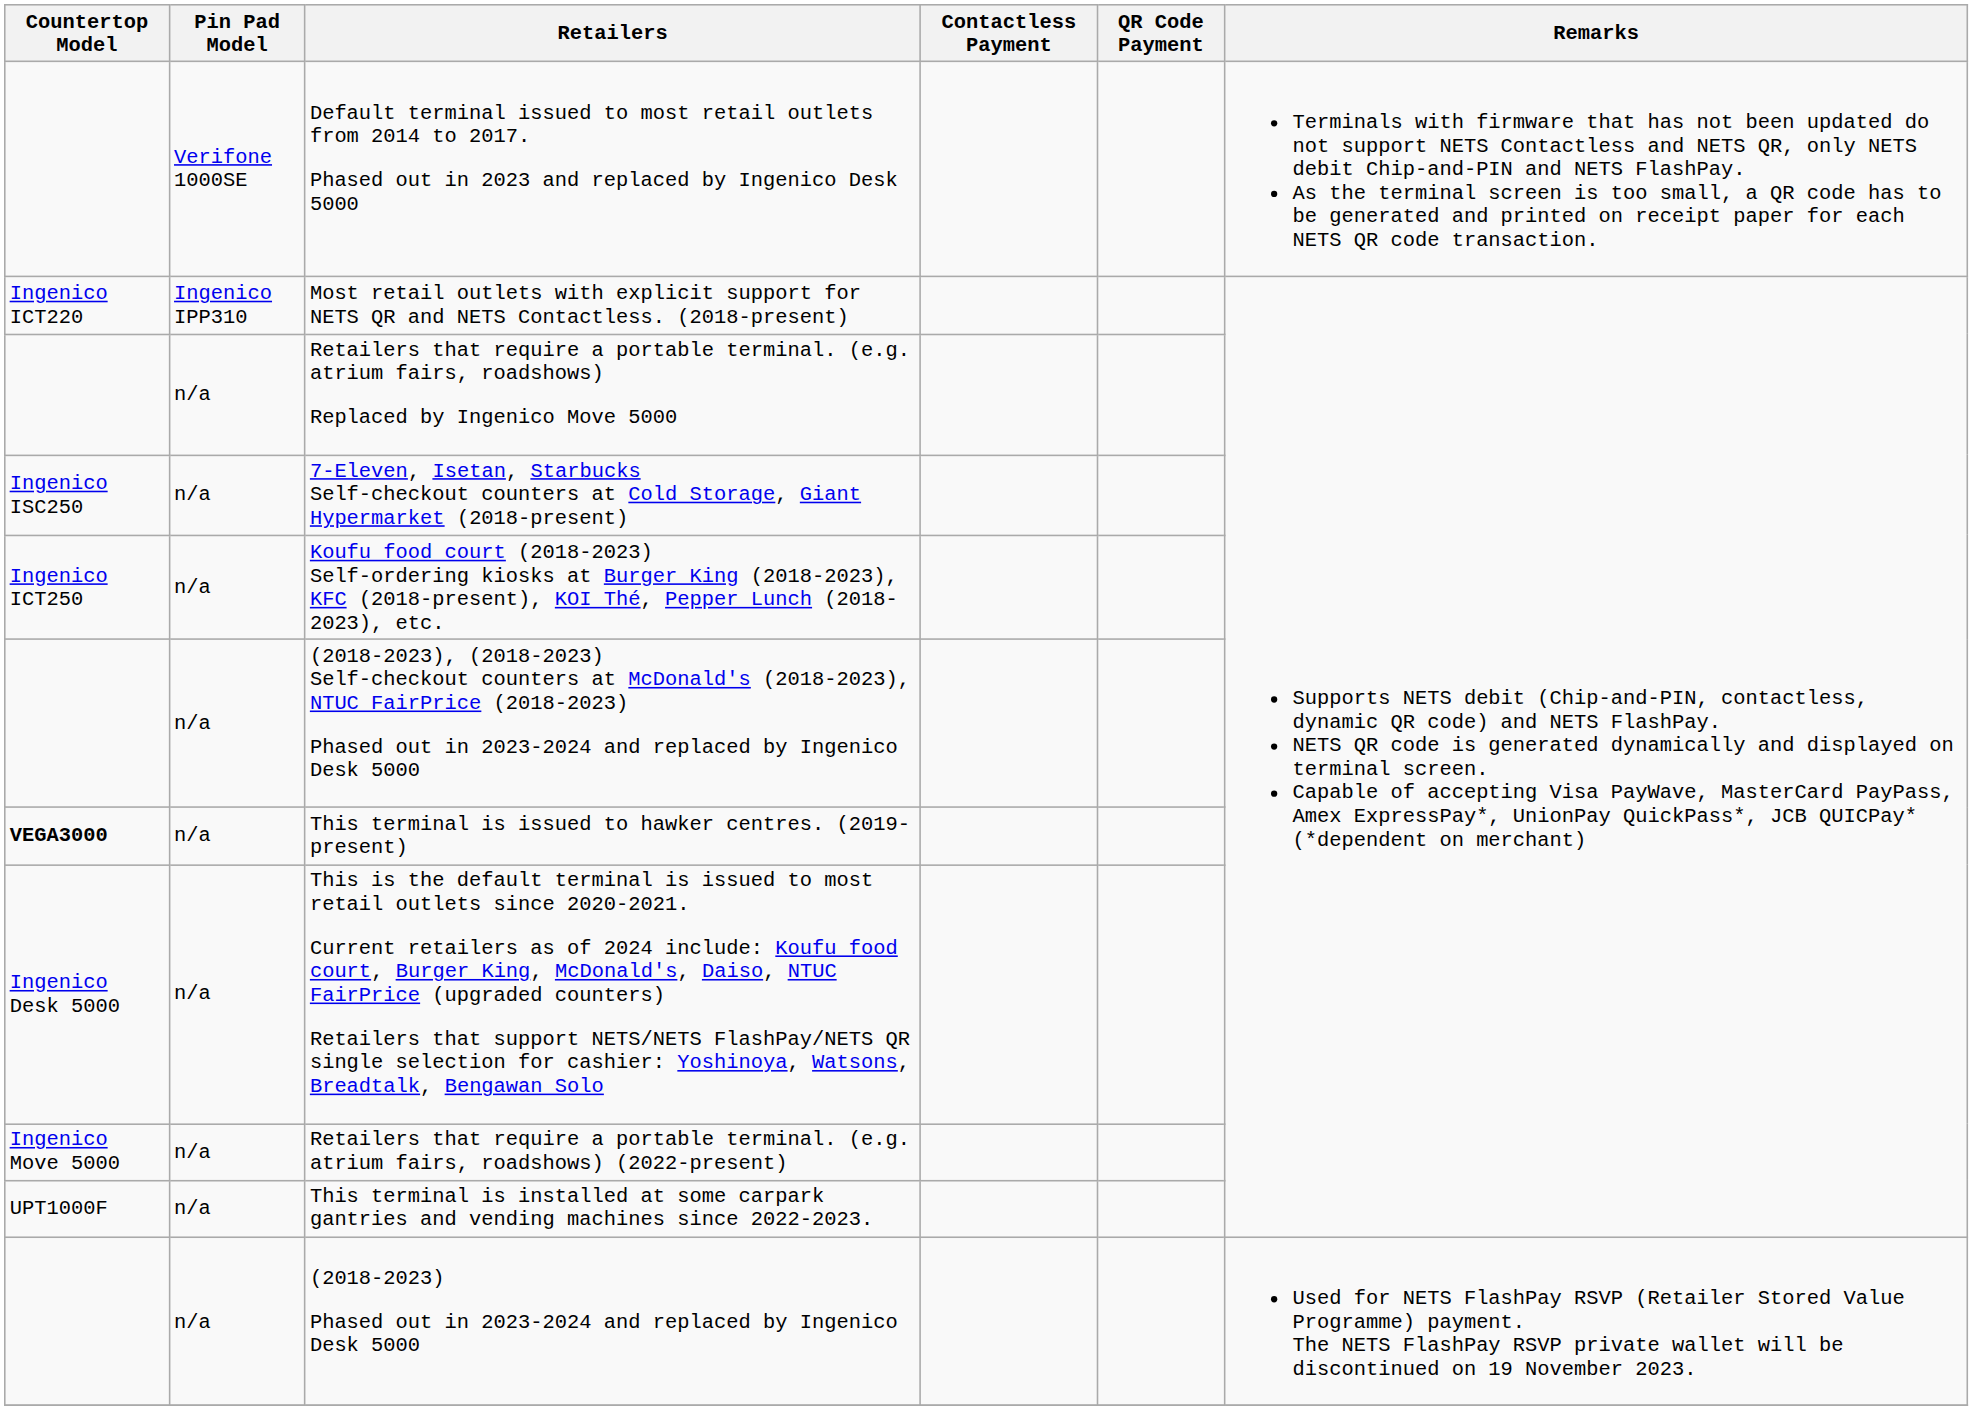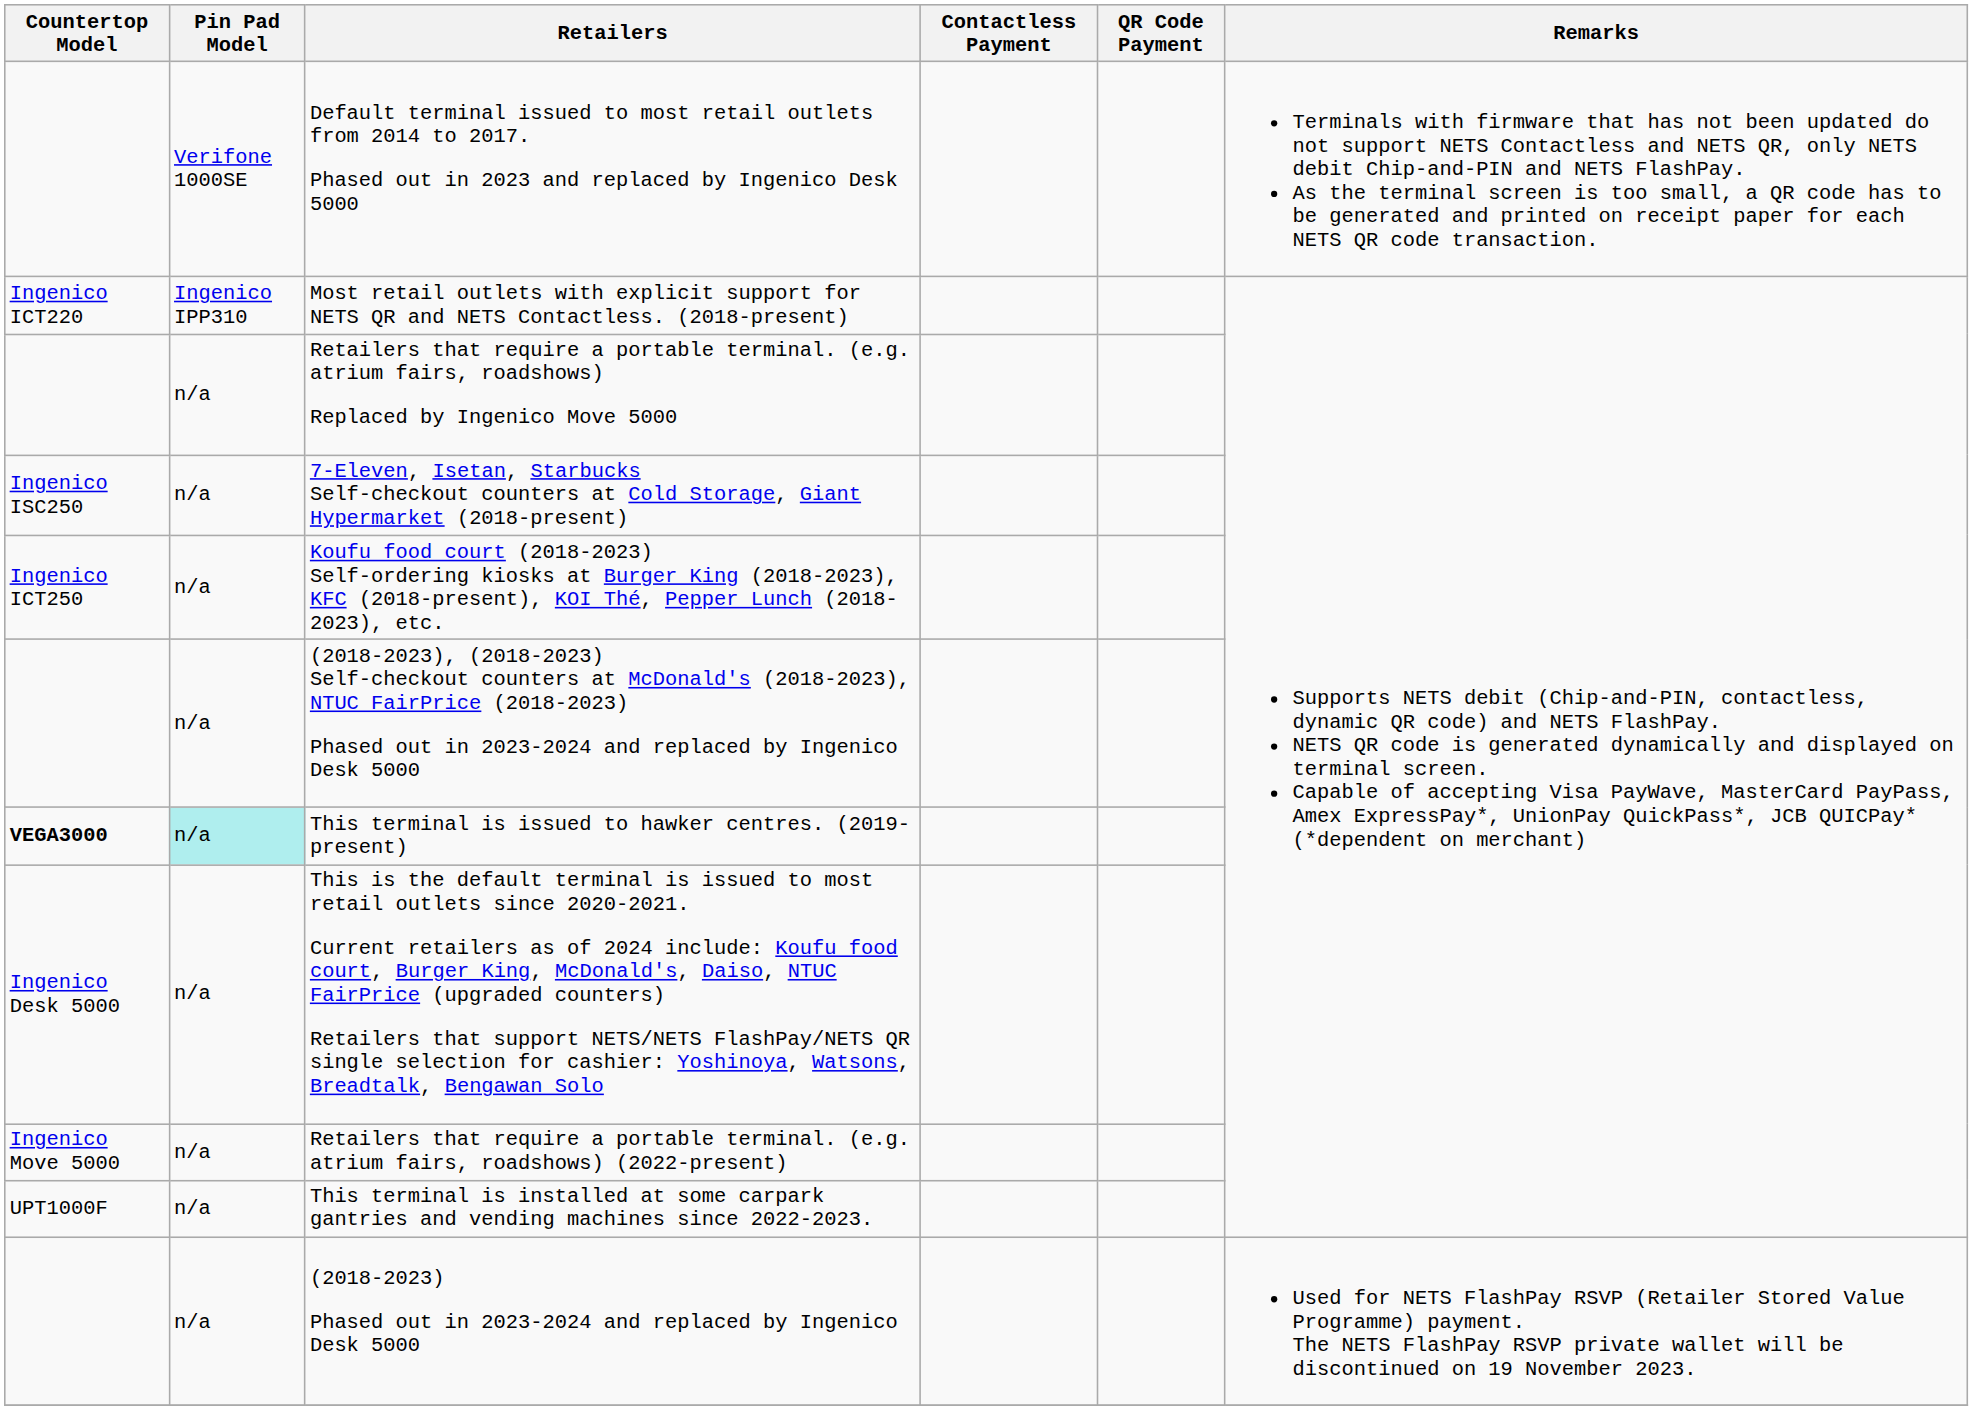 <table class="wikitable">
 <tr>
 <th>Countertop Model</th>
 <th>Pin Pad Model</th>
 <th>Retailers</th>
 <th>Contactless Payment</th>
 <th>QR Code Payment</th>
 <th>Remarks</th>
 </tr>
 <tr>
 <td></td>
 <td><a href='#'>Verifone</a> 1000SE</td>
 <td>Default terminal issued to most retail outlets from 2014 to 2017. <p> Phased out in 2023 and replaced by Ingenico Desk 5000</p></td>
 <td></td>
 <td></td>
 <td><br><ul><li>Terminals with firmware that has not been updated do not support NETS Contactless and NETS QR, only NETS debit Chip-and-PIN and NETS FlashPay.</li><li>As the terminal screen is too small, a QR code has to be generated and printed on receipt paper for each NETS QR code transaction.</li></ul></td>
 </tr>
 <tr>
 <td><a href='#'>Ingenico</a> ICT220</td>
 <td><a href='#'>Ingenico</a> IPP310</td>
 <td>Most retail outlets with explicit support for NETS QR and NETS Contactless. (2018-present)</td>
 <td></td>
 <td></td>
 <td rowspan="9"><br><ul><li>Supports NETS debit (Chip-and-PIN, contactless, dynamic QR code) and NETS FlashPay.</li><li>NETS QR code is generated dynamically and displayed on terminal screen.</li><li>Capable of accepting Visa PayWave, MasterCard PayPass, Amex ExpressPay*, UnionPay QuickPass*, JCB QUICPay* (*dependent on merchant)</li></ul></td>
 </tr>
 <tr>
 <td></td>
 <td>n/a</td>
 <td>Retailers that require a portable terminal. (e.g. atrium fairs, roadshows) <p> Replaced by Ingenico Move 5000</p></td>
 <td></td>
 <td></td>
 </tr>
 <tr>
 <td><a href='#'>Ingenico</a> ISC250</td>
 <td>n/a</td>
 <td><a href='#'>7-Eleven</a>, <a href='#'>Isetan</a>, <a href='#'>Starbucks</a> <br>Self-checkout counters at <a href='#'>Cold Storage</a>, <a href='#'>Giant Hypermarket</a> (2018-present)</td>
 <td></td>
 <td></td>
 </tr>
 <tr>
 <td><a href='#'>Ingenico</a> ICT250</td>
 <td>n/a</td>
 <td><a href='#'>Koufu food court</a> (2018-2023) <br> Self-ordering kiosks at <a href='#'>Burger King</a> (2018-2023), <a href='#'>KFC</a> (2018-present), <a href='#'>KOI Thé</a>, <a href='#'>Pepper Lunch</a> (2018-2023), etc.</td>
 <td></td>
 <td></td>
 </tr>
 <tr>
 <td></td>
 <td>n/a</td>
 <td> (2018-2023),  (2018-2023) <br> Self-checkout counters at <a href='#'>McDonald's</a> (2018-2023), <a href='#'>NTUC FairPrice</a> (2018-2023) <p> Phased out in 2023-2024 and replaced by Ingenico Desk 5000</p></td>
 <td></td>
 <td></td>
 </tr>
 <tr>
 <td><strong> VEGA3000</strong></td>
-<td>n/a</td>
+<td style="background: paleturquoise;">n/a</td>
 <td>This terminal is issued to hawker centres. (2019-present)</td>
 <td></td>
 <td></td>
 </tr>
 <tr>
 <td><a href='#'>Ingenico</a> Desk 5000</td>
 <td>n/a</td>
 <td>This is the default terminal is issued to most retail outlets since 2020-2021. <p> Current retailers as of 2024 include: <a href='#'>Koufu food court</a>, <a href='#'>Burger King</a>, <a href='#'>McDonald's</a>, <a href='#'>Daiso</a>, <a href='#'>NTUC FairPrice</a> (upgraded counters)</p> <p> Retailers that support NETS/NETS FlashPay/NETS QR single selection for cashier: <a href='#'>Yoshinoya</a>, <a href='#'>Watsons</a>, <a href='#'>Breadtalk</a>, <a href='#'>Bengawan Solo</a></p></td>
 <td></td>
 <td></td>
 </tr>
 <tr>
 <td><a href='#'>Ingenico</a> Move 5000</td>
 <td>n/a</td>
 <td>Retailers that require a portable terminal. (e.g. atrium fairs, roadshows) (2022-present)</td>
 <td></td>
 <td></td>
 </tr>
 <tr>
 <td> UPT1000F</td>
 <td>n/a</td>
 <td>This terminal is installed at some carpark gantries and vending machines since 2022-2023.</td>
 <td></td>
 <td></td>
 </tr>
 <tr>
 <td></td>
 <td>n/a</td>
 <td> (2018-2023) <p> Phased out in 2023-2024 and replaced by Ingenico Desk 5000</p></td>
 <td></td>
 <td></td>
 <td><br><ul><li>Used for NETS FlashPay RSVP (Retailer Stored Value Programme) payment. <br> The NETS FlashPay RSVP private wallet will be discontinued on 19 November 2023.</li></ul></td>
 </tr>
 <tr>
 </tr>
 </table>
